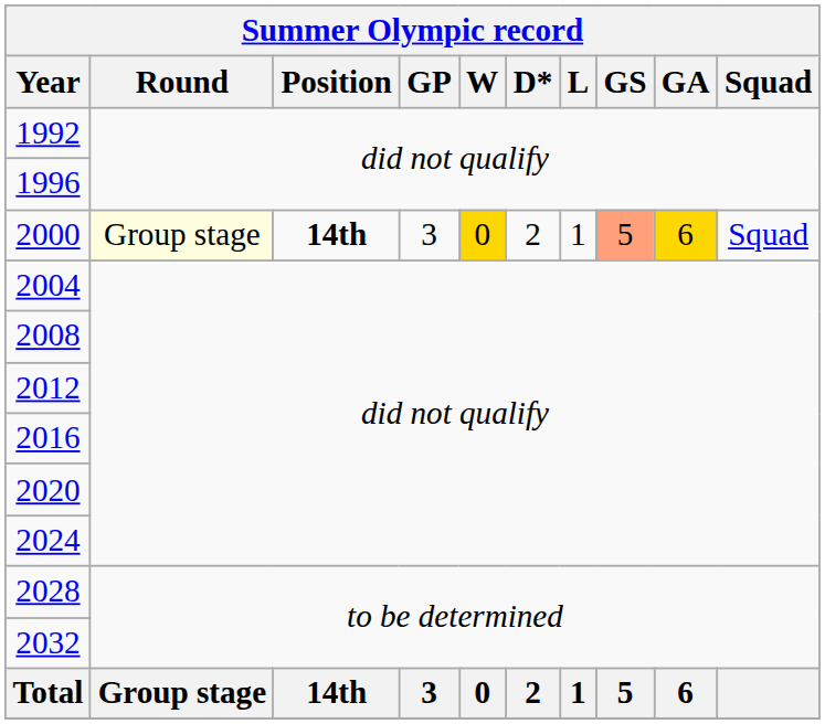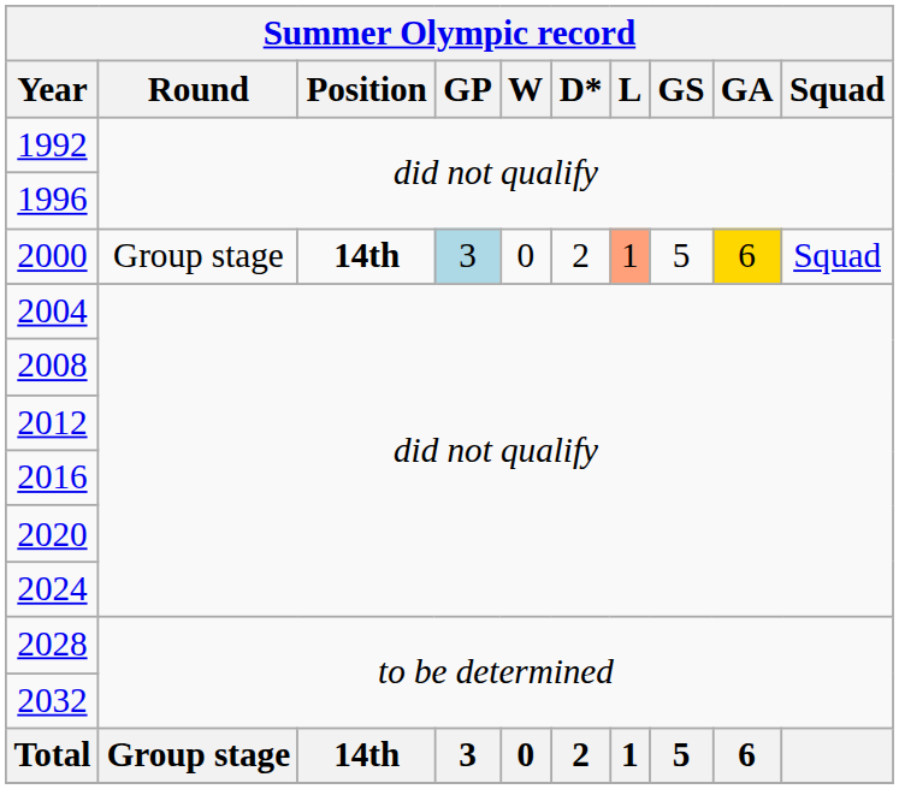 <table class="wikitable" style="text-align: center;">
 <tr>
 <th colspan=10><a href='#'>Summer Olympic record</a></th>
 </tr>
 <tr>
 <th>Year</th>
 <th>Round</th>
 <th>Position</th>
 <th>GP</th>
 <th>W</th>
 <th>D*</th>
 <th>L</th>
 <th>GS</th>
 <th>GA</th>
 <th>Squad</th>
 </tr>
 <tr>
 <td> <a href='#'>1992</a></td>
 <td colspan="10" rowspan="2"><em>did not qualify</em></td>
 </tr>
 <tr>
 <td> <a href='#'>1996</a></td>
 </tr>
 <tr>
 <td> <a href='#'>2000</a></td>
-<td style="background: lightyellow;">Group stage</td>
+<td>Group stage</td>
 <td><strong>14th</strong></td>
-<td>3</td>
-<td style="background: gold;">0</td>
+<td style="background: lightblue;">3</td>
+<td>0</td>
 <td>2</td>
-<td>1</td>
-<td style="background: lightsalmon;">5</td>
+<td style="background: lightsalmon;">1</td>
+<td>5</td>
 <td style="background: gold;">6</td>
 <td><a href='#'>Squad</a></td>
 </tr>
 <tr>
 <td> <a href='#'>2004</a></td>
 <td colspan="10" rowspan="6"><em>did not qualify</em></td>
 </tr>
 <tr>
 <td> <a href='#'>2008</a></td>
 </tr>
 <tr>
 <td> <a href='#'>2012</a></td>
 </tr>
 <tr>
 <td> <a href='#'>2016</a></td>
 </tr>
 <tr>
 <td> <a href='#'>2020</a></td>
 </tr>
 <tr>
 <td> <a href='#'>2024</a></td>
 </tr>
 <tr>
 <td> <a href='#'>2028</a></td>
 <td colspan="10" rowspan="2"><em>to be determined</em></td>
 </tr>
 <tr>
 <td> <a href='#'>2032</a></td>
 </tr>
 <tr>
 <th><strong>Total</strong></th>
 <th>Group stage</th>
 <th>14th</th>
 <th>3</th>
 <th>0</th>
 <th>2</th>
 <th>1</th>
 <th>5</th>
 <th>6</th>
 <th></th>
 </tr>
 <tr>
 </tr>
 </table>
